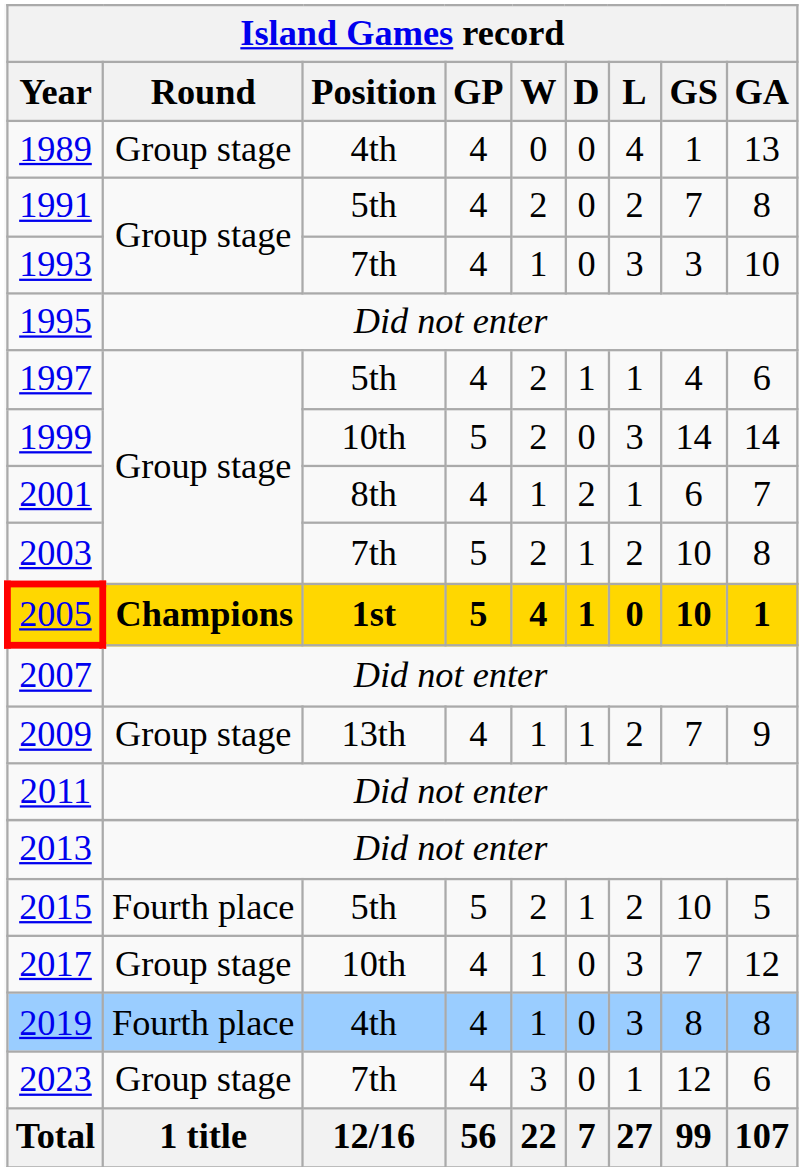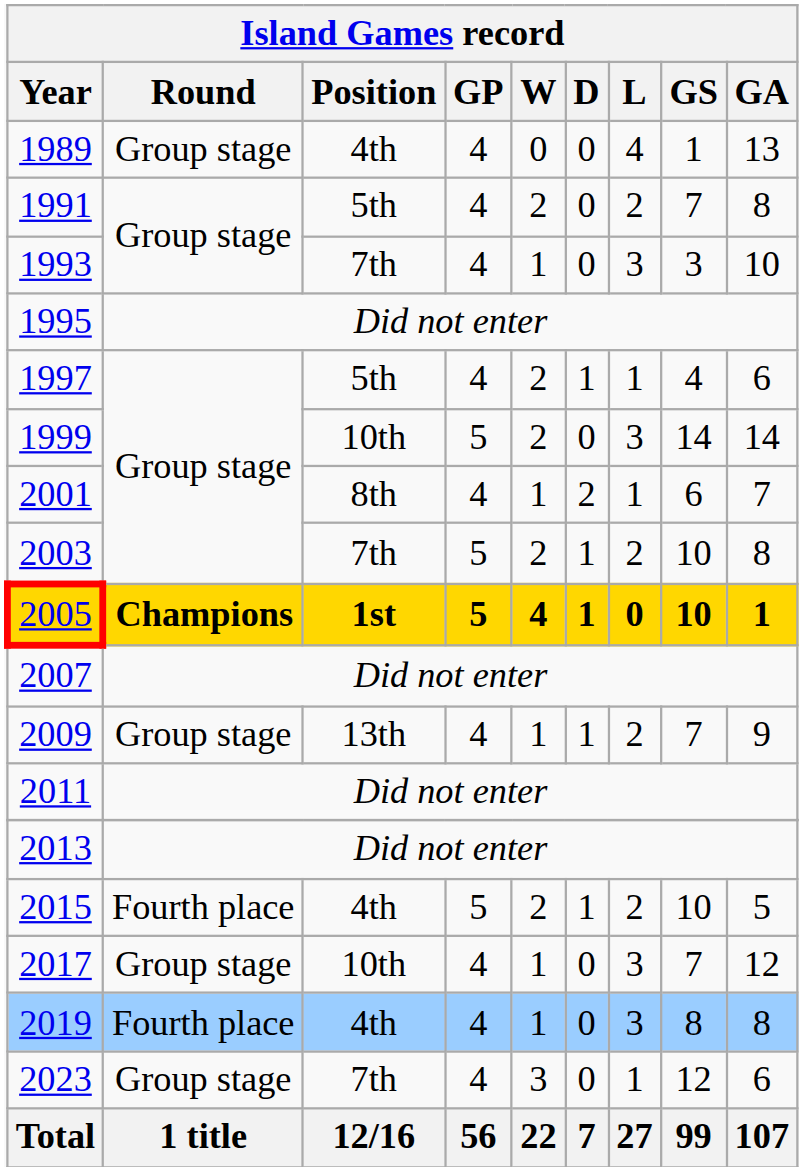 <table class="wikitable" style="text-align: center;">
 <tr>
 <th colspan=9><a href='#'>Island Games</a> record</th>
 </tr>
 <tr>
 <th>Year</th>
 <th>Round</th>
 <th>Position</th>
 <th>GP</th>
 <th>W</th>
 <th>D</th>
 <th>L</th>
 <th>GS</th>
 <th>GA</th>
 </tr>
 <tr>
 <td> <a href='#'>1989</a></td>
 <td>Group stage</td>
 <td>4th</td>
 <td>4</td>
 <td>0</td>
 <td>0</td>
 <td>4</td>
 <td>1</td>
 <td>13</td>
 </tr>
 <tr>
 <td> <a href='#'>1991</a></td>
 <td rowspan=2>Group stage</td>
 <td>5th</td>
 <td>4</td>
 <td>2</td>
 <td>0</td>
 <td>2</td>
 <td>7</td>
 <td>8</td>
 </tr>
 <tr>
 <td> <a href='#'>1993</a></td>
 <td>7th</td>
 <td>4</td>
 <td>1</td>
 <td>0</td>
 <td>3</td>
 <td>3</td>
 <td>10</td>
 </tr>
 <tr>
 <td> <a href='#'>1995</a></td>
 <td colspan=8><em>Did not enter</em></td>
 </tr>
 <tr>
 <td> <a href='#'>1997</a></td>
 <td rowspan=4>Group stage</td>
 <td>5th</td>
 <td>4</td>
 <td>2</td>
 <td>1</td>
 <td>1</td>
 <td>4</td>
 <td>6</td>
 </tr>
 <tr>
 <td> <a href='#'>1999</a></td>
 <td>10th</td>
 <td>5</td>
 <td>2</td>
 <td>0</td>
 <td>3</td>
 <td>14</td>
 <td>14</td>
 </tr>
 <tr>
 <td> <a href='#'>2001</a></td>
 <td>8th</td>
 <td>4</td>
 <td>1</td>
 <td>2</td>
 <td>1</td>
 <td>6</td>
 <td>7</td>
 </tr>
 <tr>
 <td> <a href='#'>2003</a></td>
 <td>7th</td>
 <td>5</td>
 <td>2</td>
 <td>1</td>
 <td>2</td>
 <td>10</td>
 <td>8</td>
 </tr>
 <tr bgcolor=gold>
 <td style="border: 3px solid red"> <a href='#'>2005</a></td>
 <td><strong>Champions</strong></td>
 <td><strong>1st</strong></td>
 <td><strong>5</strong></td>
 <td><strong>4</strong></td>
 <td><strong>1</strong></td>
 <td><strong>0</strong></td>
 <td><strong>10</strong></td>
 <td><strong>1</strong></td>
 </tr>
 <tr>
 <td> <a href='#'>2007</a></td>
 <td colspan=8><em>Did not enter</em></td>
 </tr>
 <tr>
 <td> <a href='#'>2009</a></td>
 <td>Group stage</td>
 <td>13th</td>
 <td>4</td>
 <td>1</td>
 <td>1</td>
 <td>2</td>
 <td>7</td>
 <td>9</td>
 </tr>
 <tr>
 <td> <a href='#'>2011</a></td>
 <td colspan=8><em>Did not enter</em></td>
 </tr>
 <tr style="background:#9acdff;">
 </tr>
 <tr>
 <td> <a href='#'>2013</a></td>
 <td colspan=8><em>Did not enter</em></td>
 </tr>
 <tr>
 <td> <a href='#'>2015</a></td>
 <td>Fourth place</td>
-<td>5th</td>
+<td>4th</td>
 <td>5</td>
 <td>2</td>
 <td>1</td>
 <td>2</td>
 <td>10</td>
 <td>5</td>
 </tr>
 <tr>
 <td> <a href='#'>2017</a></td>
 <td>Group stage</td>
 <td>10th</td>
 <td>4</td>
 <td>1</td>
 <td>0</td>
 <td>3</td>
 <td>7</td>
 <td>12</td>
 </tr>
 <tr style="background:#9acdff;">
 <td> <a href='#'>2019</a></td>
 <td>Fourth place</td>
 <td>4th</td>
 <td>4</td>
 <td>1</td>
 <td>0</td>
 <td>3</td>
 <td>8</td>
 <td>8</td>
 </tr>
 <tr>
 <td> <a href='#'>2023</a></td>
 <td>Group stage</td>
 <td>7th</td>
 <td>4</td>
 <td>3</td>
 <td>0</td>
 <td>1</td>
 <td>12</td>
 <td>6</td>
 </tr>
 <tr>
 <th><strong>Total</strong></th>
 <th><strong>1 title</strong></th>
 <th>12/16</th>
 <th><strong>56</strong></th>
 <th><strong>22</strong></th>
 <th><strong>7</strong></th>
 <th><strong>27</strong></th>
 <th><strong>99</strong></th>
 <th><strong>107</strong></th>
 </tr>
 </table>
